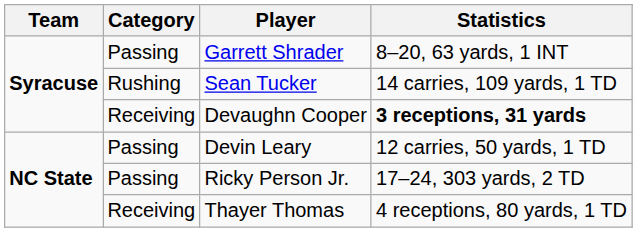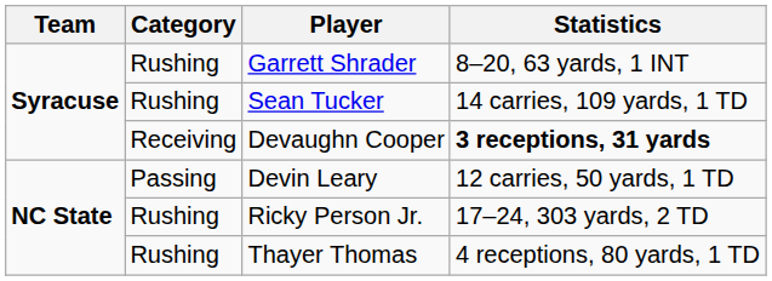 <table class="wikitable" style="float: left;">
 <tr>
 <th>Team</th>
 <th>Category</th>
 <th>Player</th>
 <th>Statistics</th>
 </tr>
 <tr>
 <td rowspan=3><strong>Syracuse</strong></td>
-<td>Passing</td>
+<td>Rushing</td>
 <td><a href='#'>Garrett Shrader</a></td>
 <td>8–20, 63 yards, 1 INT</td>
 </tr>
 <tr>
 <td>Rushing</td>
 <td><a href='#'>Sean Tucker</a></td>
 <td>14 carries, 109 yards, 1 TD</td>
 </tr>
 <tr>
 <td>Receiving</td>
 <td>Devaughn Cooper</td>
 <td><strong>3 receptions, 31 yards</strong></td>
 </tr>
 <tr>
 <td rowspan=3><strong>NC State</strong></td>
 <td>Passing</td>
 <td>Devin Leary</td>
 <td>12 carries, 50 yards, 1 TD</td>
 </tr>
 <tr>
-<td>Passing</td>
+<td>Rushing</td>
 <td>Ricky Person Jr.</td>
 <td>17–24, 303 yards, 2 TD</td>
 </tr>
 <tr>
-<td>Receiving</td>
+<td>Rushing</td>
 <td>Thayer Thomas</td>
 <td>4 receptions, 80 yards, 1 TD</td>
 </tr>
 </table>
